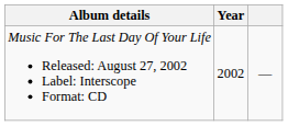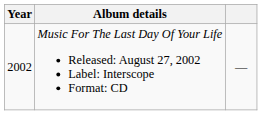 <table class="wikitable">
 <tr>
+<th>Year</th>
 <th>Album details</th>
-<th>Year</th>
 <th style="width:3em;font-size:75%"></th>
 </tr>
 <tr>
+<td style="text-align:center;">2002</td>
 <td align="left"><em>Music For The Last Day Of Your Life</em><br><ul><li>Released: August 27, 2002</li><li>Label: Interscope</li><li>Format: CD</li></ul></td>
-<td style="text-align:center;">2002</td>
 <td style="text-align:center;">—</td>
 </tr>
 </table>
